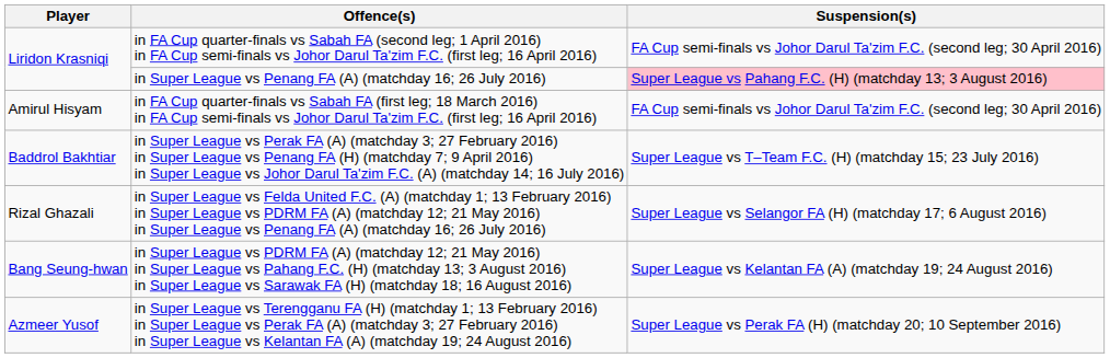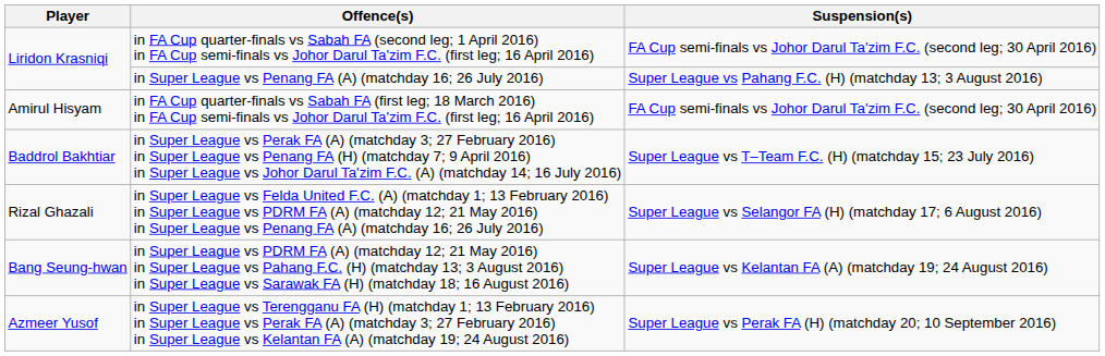 <table class="wikitable sortable">
 <tr>
 <th>Player</th>
 <th>Offence(s)</th>
 <th>Suspension(s)</th>
 </tr>
 <tr>
 <td rowspan="2"> <a href='#'>Liridon Krasniqi</a></td>
 <td> in <a href='#'>FA Cup</a> quarter-finals vs <a href='#'>Sabah FA</a> (second leg; 1 April 2016)<br> in <a href='#'>FA Cup</a> semi-finals vs <a href='#'>Johor Darul Ta'zim F.C.</a> (first leg; 16 April 2016)</td>
 <td><a href='#'>FA Cup</a> semi-finals vs <a href='#'>Johor Darul Ta'zim F.C.</a> (second leg; 30 April 2016)</td>
 </tr>
 <tr>
 <td> in <a href='#'>Super League</a> vs <a href='#'>Penang FA</a> (A) (matchday 16; 26 July 2016)</td>
-<td style="background: pink;"><a href='#'>Super League vs</a> <a href='#'>Pahang F.C.</a> (H) (matchday 13; 3 August 2016)</td>
+<td><a href='#'>Super League vs</a> <a href='#'>Pahang F.C.</a> (H) (matchday 13; 3 August 2016)</td>
 </tr>
 <tr>
 <td> Amirul Hisyam</td>
 <td> in <a href='#'>FA Cup</a> quarter-finals vs <a href='#'>Sabah FA</a> (first leg; 18 March 2016)<br> in <a href='#'>FA Cup</a> semi-finals vs <a href='#'>Johor Darul Ta'zim F.C.</a> (first leg; 16 April 2016)</td>
 <td><a href='#'>FA Cup</a> semi-finals vs <a href='#'>Johor Darul Ta'zim F.C.</a> (second leg; 30 April 2016)</td>
 </tr>
 <tr>
 <td> <a href='#'>Baddrol Bakhtiar</a></td>
 <td> in <a href='#'>Super League</a> vs <a href='#'>Perak FA</a> (A) (matchday 3; 27 February 2016)<br> in <a href='#'>Super League</a> vs <a href='#'>Penang FA</a> (H) (matchday 7; 9 April 2016)<br> in <a href='#'>Super League</a> vs <a href='#'>Johor Darul Ta'zim F.C.</a> (A) (matchday 14; 16 July 2016)</td>
 <td><a href='#'>Super League</a> vs <a href='#'>T–Team F.C.</a> (H) (matchday 15; 23 July 2016)</td>
 </tr>
 <tr>
 <td> Rizal Ghazali</td>
 <td> in <a href='#'>Super League</a> vs <a href='#'>Felda United F.C.</a> (A) (matchday 1; 13 February 2016)<br> in <a href='#'>Super League</a> vs <a href='#'>PDRM FA</a> (A) (matchday 12; 21 May 2016)<br> in <a href='#'>Super League</a> vs <a href='#'>Penang FA</a> (A) (matchday 16; 26 July 2016)</td>
 <td><a href='#'>Super League</a> vs <a href='#'>Selangor FA</a> (H) (matchday 17; 6 August 2016)</td>
 </tr>
 <tr>
 <td> <a href='#'>Bang Seung-hwan</a></td>
 <td> in <a href='#'>Super League</a> vs <a href='#'>PDRM FA</a> (A) (matchday 12; 21 May 2016)<br> in <a href='#'>Super League</a> vs <a href='#'>Pahang F.C.</a> (H) (matchday 13; 3 August 2016)<br> in <a href='#'>Super League</a> vs <a href='#'>Sarawak FA</a> (H) (matchday 18; 16 August 2016)</td>
 <td><a href='#'>Super League</a> vs <a href='#'>Kelantan FA</a> (A) (matchday 19; 24 August 2016)</td>
 </tr>
 <tr>
 <td> <a href='#'>Azmeer Yusof</a></td>
 <td> in <a href='#'>Super League</a> vs <a href='#'>Terengganu FA</a> (H) (matchday 1; 13 February 2016)<br> in <a href='#'>Super League</a> vs <a href='#'>Perak FA</a> (A) (matchday 3; 27 February 2016)<br> in <a href='#'>Super League</a> vs <a href='#'>Kelantan FA</a> (A) (matchday 19; 24 August 2016)</td>
 <td><a href='#'>Super League</a> vs <a href='#'>Perak FA</a> (H) (matchday 20; 10 September 2016)</td>
 </tr>
 </table>
